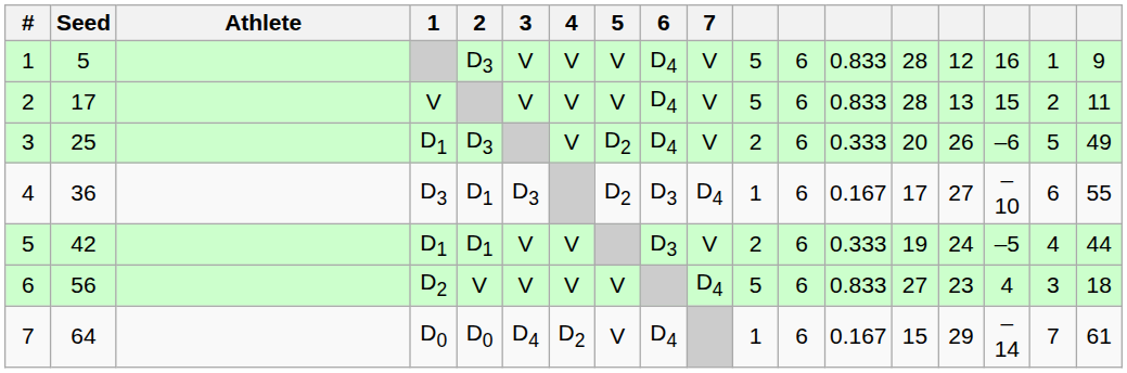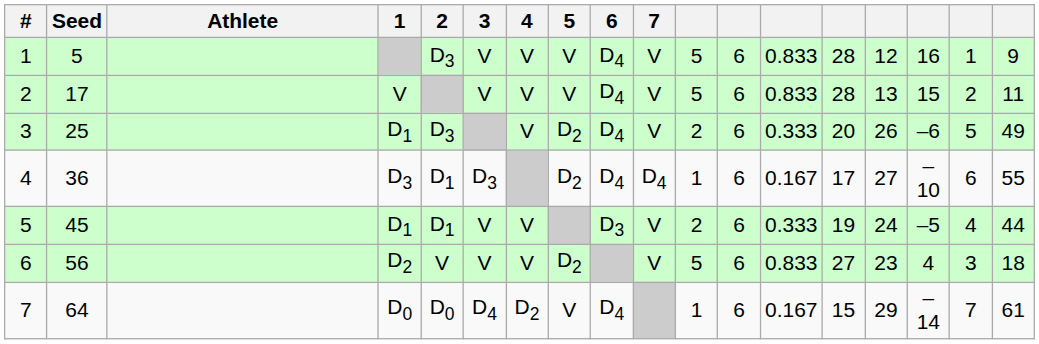 <table class="wikitable" style="text-align:center">
 <tr>
 <th width="25">#</th>
 <th width="25">Seed</th>
 <th width="200">Athlete</th>
 <th width="25">1</th>
 <th width="25">2</th>
 <th width="25">3</th>
 <th width="25">4</th>
 <th width="25">5</th>
 <th width="25">6</th>
 <th width="25">7</th>
 <th width="25"></th>
 <th width="25"></th>
 <th width="40"></th>
 <th width="25"></th>
 <th width="25"></th>
 <th width="25"></th>
 <th width="25"></th>
 <th width="25"></th>
 </tr>
 <tr bgcolor="#ccffcc">
 <td>1</td>
 <td>5</td>
 <td align=left></td>
 <td bgcolor="#cccccc"></td>
 <td>D<sub>3</sub></td>
 <td>V</td>
 <td>V</td>
 <td>V</td>
 <td>D<sub>4</sub></td>
 <td>V</td>
 <td>5</td>
 <td>6</td>
 <td>0.833</td>
 <td>28</td>
 <td>12</td>
 <td>16</td>
 <td>1</td>
 <td>9</td>
 </tr>
 <tr bgcolor="#ccffcc">
 <td>2</td>
 <td>17</td>
 <td align=left></td>
 <td>V</td>
 <td bgcolor="#cccccc"></td>
 <td>V</td>
 <td>V</td>
 <td>V</td>
 <td>D<sub>4</sub></td>
 <td>V</td>
 <td>5</td>
 <td>6</td>
 <td>0.833</td>
 <td>28</td>
 <td>13</td>
 <td>15</td>
 <td>2</td>
 <td>11</td>
 </tr>
 <tr bgcolor="#ccffcc">
 <td>3</td>
 <td>25</td>
 <td align=left></td>
 <td>D<sub>1</sub></td>
 <td>D<sub>3</sub></td>
 <td bgcolor="#cccccc"></td>
 <td>V</td>
 <td>D<sub>2</sub></td>
 <td>D<sub>4</sub></td>
 <td>V</td>
 <td>2</td>
 <td>6</td>
 <td>0.333</td>
 <td>20</td>
 <td>26</td>
 <td>–6</td>
 <td>5</td>
 <td>49</td>
 </tr>
 <tr>
 <td>4</td>
 <td>36</td>
 <td align=left></td>
 <td>D<sub>3</sub></td>
 <td>D<sub>1</sub></td>
 <td>D<sub>3</sub></td>
 <td bgcolor="#cccccc"></td>
 <td>D<sub>2</sub></td>
-<td>D<sub>3</sub></td>
+<td>D<sub>4</sub></td>
 <td>D<sub>4</sub></td>
 <td>1</td>
 <td>6</td>
 <td>0.167</td>
 <td>17</td>
 <td>27</td>
 <td>–10</td>
 <td>6</td>
 <td>55</td>
 </tr>
 <tr bgcolor="#ccffcc">
 <td>5</td>
-<td>42</td>
+<td>45</td>
 <td align=left></td>
 <td>D<sub>1</sub></td>
 <td>D<sub>1</sub></td>
 <td>V</td>
 <td>V</td>
 <td bgcolor="#cccccc"></td>
 <td>D<sub>3</sub></td>
 <td>V</td>
 <td>2</td>
 <td>6</td>
 <td>0.333</td>
 <td>19</td>
 <td>24</td>
 <td>–5</td>
 <td>4</td>
 <td>44</td>
 </tr>
 <tr bgcolor="#ccffcc">
 <td>6</td>
 <td>56</td>
 <td align=left></td>
 <td>D<sub>2</sub></td>
 <td>V</td>
 <td>V</td>
 <td>V</td>
+<td>D<sub>2</sub></td>
+<td bgcolor="#cccccc"></td>
 <td>V</td>
-<td bgcolor="#cccccc"></td>
-<td>D<sub>4</sub></td>
 <td>5</td>
 <td>6</td>
 <td>0.833</td>
 <td>27</td>
 <td>23</td>
 <td>4</td>
 <td>3</td>
 <td>18</td>
 </tr>
 <tr>
 <td>7</td>
 <td>64</td>
 <td align=left></td>
 <td>D<sub>0</sub></td>
 <td>D<sub>0</sub></td>
 <td>D<sub>4</sub></td>
 <td>D<sub>2</sub></td>
 <td>V</td>
 <td>D<sub>4</sub></td>
 <td bgcolor="#cccccc"></td>
 <td>1</td>
 <td>6</td>
 <td>0.167</td>
 <td>15</td>
 <td>29</td>
 <td>–14</td>
 <td>7</td>
 <td>61</td>
 </tr>
 </table>
